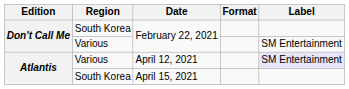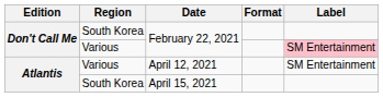 <table class="wikitable plainrowheaders">
 <tr>
 <th>Edition</th>
 <th>Region</th>
 <th>Date</th>
 <th>Format</th>
 <th>Label</th>
 </tr>
 <tr>
 <th scope="row" rowspan="2"><em>Don't Call Me</em></th>
 <td>South Korea</td>
 <td rowspan="2">February 22, 2021</td>
 <td></td>
 <td></td>
 </tr>
 <tr>
 <td>Various</td>
 <td></td>
-<td>SM Entertainment</td>
+<td style="background: pink;">SM Entertainment</td>
 </tr>
 <tr>
 <th scope="row" rowspan="2"><em>Atlantis</em></th>
 <td>Various</td>
 <td>April 12, 2021</td>
 <td></td>
-<td style="background: lavender;">SM Entertainment</td>
+<td>SM Entertainment</td>
 </tr>
 <tr>
 <td>South Korea</td>
 <td>April 15, 2021</td>
 <td></td>
 <td></td>
 </tr>
 </table>
